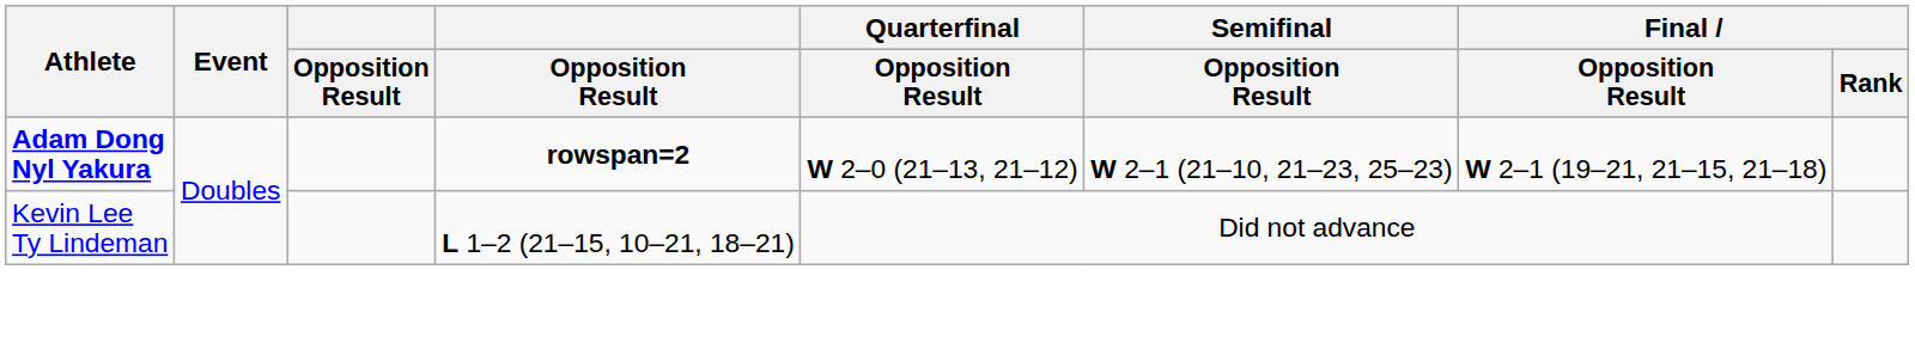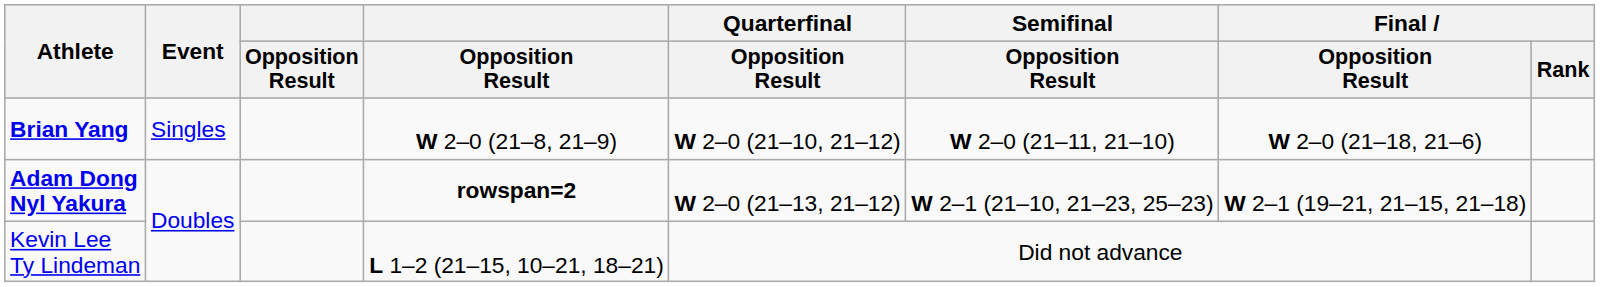 <table class=wikitable style=font-size:90%;text-align:center>
 <tr>
 <th rowspan=2>Athlete</th>
 <th rowspan=2>Event</th>
 <th></th>
 <th></th>
 <th>Quarterfinal</th>
 <th>Semifinal</th>
 <th colspan=2>Final / </th>
 </tr>
 <tr style=font-size:95%>
 <th>Opposition<br>Result</th>
 <th>Opposition<br>Result</th>
 <th>Opposition<br>Result</th>
 <th>Opposition<br>Result</th>
 <th>Opposition<br>Result</th>
 <th>Rank</th>
 </tr>
 <tr>
+<td align=left><strong><a href='#'>Brian Yang</a></strong></td>
+<td align=left><a href='#'>Singles</a></td>
+<td></td>
+<td><br><strong>W</strong> 2–0 (21–8, 21–9)</td>
+<td><br><strong>W</strong> 2–0 (21–10, 21–12)</td>
+<td><br><strong>W</strong> 2–0 (21–11, 21–10)</td>
+<td><br><strong>W</strong> 2–0 (21–18, 21–6)</td>
+<td></td>
+</tr>
+<tr>
 <td align=left><strong><a href='#'>Adam Dong</a><br><a href='#'>Nyl Yakura</a></strong></td>
 <td align=left rowspan=2><a href='#'>Doubles</a></td>
 <td></td>
 <td><strong>rowspan=2 </strong></td>
 <td><br><strong>W</strong> 2–0 (21–13, 21–12)</td>
 <td><br><strong>W</strong> 2–1 (21–10, 21–23, 25–23)</td>
 <td><br><strong>W</strong> 2–1 (19–21, 21–15, 21–18)</td>
 <td></td>
 </tr>
 <tr>
 <td align=left><a href='#'>Kevin Lee</a><br><a href='#'>Ty Lindeman</a></td>
 <td></td>
 <td><br><strong>L</strong> 1–2 (21–15, 10–21, 18–21)</td>
 <td colspan=3>Did not advance</td>
 </tr>
 </table>
